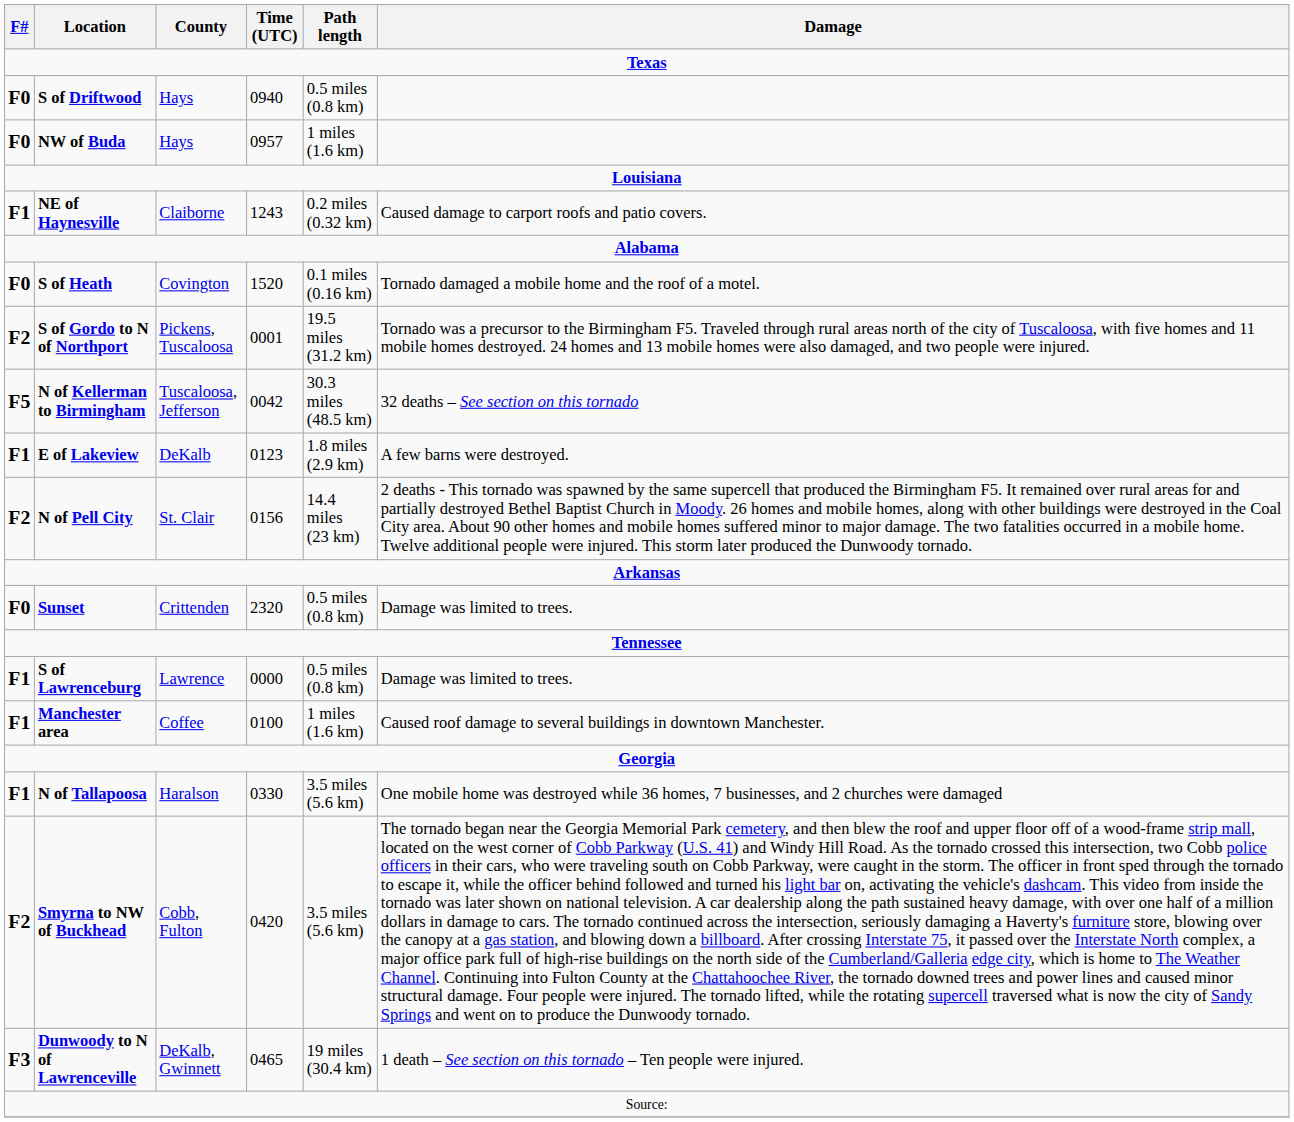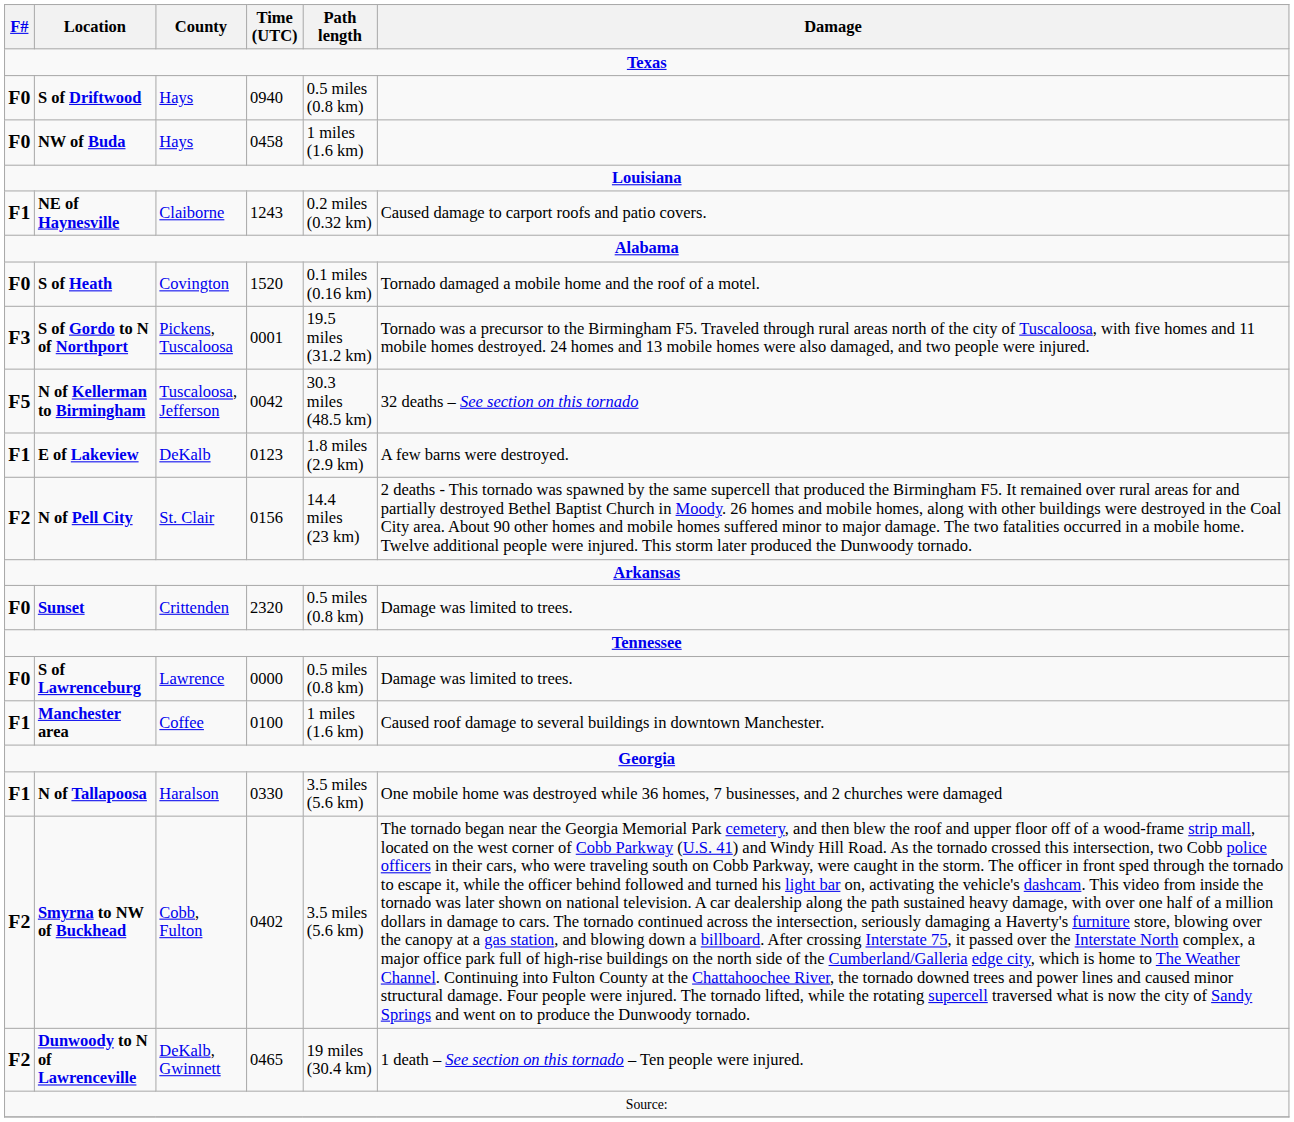 <table class="wikitable">
 <tr>
 <th><strong><a href='#'>F#</a></strong></th>
 <th><strong>Location</strong></th>
 <th><strong>County</strong></th>
 <th><strong>Time (UTC)</strong></th>
 <th><strong>Path length</strong></th>
 <th><strong>Damage</strong></th>
 </tr>
 <tr>
 <td colspan="7" align=center><strong><a href='#'>Texas</a></strong></td>
 </tr>
 <tr>
 <td><big><strong>F0</strong></big></td>
 <td><strong>S of <a href='#'>Driftwood</a></strong></td>
 <td><a href='#'>Hays</a></td>
 <td>0940</td>
 <td>0.5 miles <br>(0.8 km)</td>
 <td></td>
 </tr>
 <tr>
 <td><big><strong>F0</strong></big></td>
 <td><strong>NW of <a href='#'>Buda</a></strong></td>
 <td><a href='#'>Hays</a></td>
-<td>0957</td>
+<td>0458</td>
 <td>1 miles <br>(1.6 km)</td>
 <td></td>
 </tr>
 <tr>
 <td colspan="7" align=center><strong><a href='#'>Louisiana</a></strong></td>
 </tr>
 <tr>
 <td><big><strong>F1</strong></big></td>
 <td><strong>NE of <a href='#'>Haynesville</a></strong></td>
 <td><a href='#'>Claiborne</a></td>
 <td>1243</td>
 <td>0.2 miles <br>(0.32 km)</td>
 <td>Caused damage to carport roofs and patio covers.</td>
 </tr>
 <tr>
 <td colspan="7" align=center><strong><a href='#'>Alabama</a></strong></td>
 </tr>
 <tr>
 <td><big><strong>F0</strong></big></td>
 <td><strong>S of <a href='#'>Heath</a></strong></td>
 <td><a href='#'>Covington</a></td>
 <td>1520</td>
 <td>0.1 miles <br>(0.16 km)</td>
 <td>Tornado damaged a mobile home and the roof of a motel.</td>
 </tr>
 <tr>
-<td><big><strong>F2</strong></big></td>
+<td><big><strong>F3</strong></big></td>
 <td><strong>S of <a href='#'>Gordo</a> to N of <a href='#'>Northport</a></strong></td>
 <td><a href='#'>Pickens</a>, <a href='#'>Tuscaloosa</a></td>
 <td>0001</td>
 <td>19.5 miles <br>(31.2 km)</td>
 <td>Tornado was a precursor to the Birmingham F5. Traveled through rural areas north of the city of <a href='#'>Tuscaloosa</a>, with five homes and 11 mobile homes destroyed. 24 homes and 13 mobile homes were also damaged, and two people were injured.</td>
 </tr>
 <tr>
 <td><big><strong>F5</strong></big></td>
 <td><strong>N of <a href='#'>Kellerman</a> to <a href='#'>Birmingham</a></strong></td>
 <td><a href='#'>Tuscaloosa</a>, <a href='#'>Jefferson</a></td>
 <td>0042</td>
 <td>30.3 miles <br>(48.5 km)</td>
 <td>32 deaths – <em><a href='#'>See section on this tornado</a></em></td>
 </tr>
 <tr>
 <td><big><strong>F1</strong></big></td>
 <td><strong>E of <a href='#'>Lakeview</a></strong></td>
 <td><a href='#'>DeKalb</a></td>
 <td>0123</td>
 <td>1.8 miles <br>(2.9 km)</td>
 <td>A few barns were destroyed.</td>
 </tr>
 <tr>
 <td><big><strong>F2</strong></big></td>
 <td><strong>N of <a href='#'>Pell City</a></strong></td>
 <td><a href='#'>St. Clair</a></td>
 <td>0156</td>
 <td>14.4 miles <br>(23 km)</td>
 <td>2 deaths - This tornado was spawned by the same supercell that produced the Birmingham F5. It remained over rural areas for  and partially destroyed Bethel Baptist Church in <a href='#'>Moody</a>. 26 homes and mobile homes, along with other buildings were destroyed in the Coal City area. About 90 other homes and mobile homes suffered minor to major damage. The two fatalities occurred in a mobile home. Twelve additional people were injured. This storm later produced the Dunwoody tornado.</td>
 </tr>
 <tr>
 <td colspan="7" align=center><strong><a href='#'>Arkansas</a></strong></td>
 </tr>
 <tr>
 <td><big><strong>F0</strong></big></td>
 <td><strong><a href='#'>Sunset</a></strong></td>
 <td><a href='#'>Crittenden</a></td>
 <td>2320</td>
 <td>0.5 miles <br>(0.8 km)</td>
 <td>Damage was limited to trees.</td>
 </tr>
 <tr>
 <td colspan="7" align=center><strong><a href='#'>Tennessee</a></strong></td>
 </tr>
 <tr>
-<td><big><strong>F1</strong></big></td>
+<td><big><strong>F0</strong></big></td>
 <td><strong>S of <a href='#'>Lawrenceburg</a></strong></td>
 <td><a href='#'>Lawrence</a></td>
 <td>0000</td>
 <td>0.5 miles <br>(0.8 km)</td>
 <td>Damage was limited to trees.</td>
 </tr>
 <tr>
 <td><big><strong>F1</strong></big></td>
 <td><strong><a href='#'>Manchester</a> area</strong></td>
 <td><a href='#'>Coffee</a></td>
 <td>0100</td>
 <td>1 miles <br>(1.6 km)</td>
 <td>Caused roof damage to several buildings in downtown Manchester.</td>
 </tr>
 <tr>
 <td colspan="7" align=center><strong><a href='#'>Georgia</a></strong></td>
 </tr>
 <tr>
 <td><big><strong>F1</strong></big></td>
 <td><strong>N of <a href='#'>Tallapoosa</a></strong></td>
 <td><a href='#'>Haralson</a></td>
 <td>0330</td>
 <td>3.5 miles <br>(5.6 km)</td>
 <td>One mobile home was destroyed while 36 homes, 7 businesses, and 2 churches were damaged</td>
 </tr>
 <tr>
 <td><big><strong>F2</strong></big></td>
 <td><strong><a href='#'>Smyrna</a> to NW of <a href='#'>Buckhead</a></strong></td>
 <td><a href='#'>Cobb</a>, <a href='#'>Fulton</a></td>
-<td>0420</td>
+<td>0402</td>
 <td>3.5 miles <br>(5.6 km)</td>
 <td>The tornado began near the Georgia Memorial Park <a href='#'>cemetery</a>, and then blew the roof and upper floor off of a wood-frame <a href='#'>strip mall</a>, located on the west corner of <a href='#'>Cobb Parkway</a> (<a href='#'>U.S. 41</a>) and Windy Hill Road. As the tornado crossed this intersection, two Cobb <a href='#'>police officers</a> in their cars, who were traveling south on Cobb Parkway, were caught in the storm. The officer in front sped through the tornado to escape it, while the officer behind followed and turned his <a href='#'>light bar</a> on, activating the vehicle's <a href='#'>dashcam</a>. This video from inside the tornado was later shown on national television. A car dealership along the path sustained heavy damage, with over one half of a million dollars in damage to cars. The tornado continued across the intersection, seriously damaging a Haverty's <a href='#'>furniture</a> store, blowing over the canopy at a <a href='#'>gas station</a>, and blowing down a <a href='#'>billboard</a>. After crossing <a href='#'>Interstate 75</a>, it passed over the <a href='#'>Interstate North</a> complex, a major office park full of high-rise buildings on the north side of the <a href='#'>Cumberland/Galleria</a> <a href='#'>edge city</a>, which is home to <a href='#'>The Weather Channel</a>. Continuing into Fulton County at the <a href='#'>Chattahoochee River</a>, the tornado downed trees and power lines and caused minor structural damage. Four people were injured. The tornado lifted, while the rotating <a href='#'>supercell</a> traversed what is now the city of <a href='#'>Sandy Springs</a> and went on to produce the Dunwoody tornado.</td>
 </tr>
 <tr>
-<td><big><strong>F3</strong></big></td>
+<td><big><strong>F2</strong></big></td>
 <td><strong><a href='#'>Dunwoody</a> to N of <a href='#'>Lawrenceville</a></strong></td>
 <td><a href='#'>DeKalb</a>, <a href='#'>Gwinnett</a></td>
 <td>0465</td>
 <td>19 miles <br>(30.4 km)</td>
 <td>1 death – <em><a href='#'>See section on this tornado</a></em> – Ten people were injured.</td>
 </tr>
 <tr>
 <td colspan="7" align=center><small>Source: </small></td>
 </tr>
 <tr>
 </tr>
 </table>
